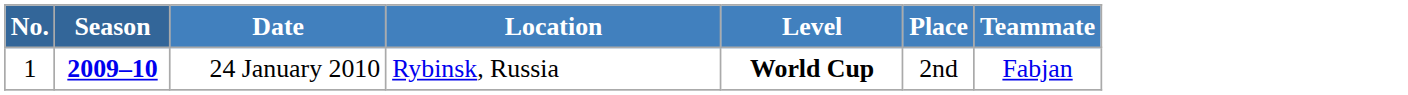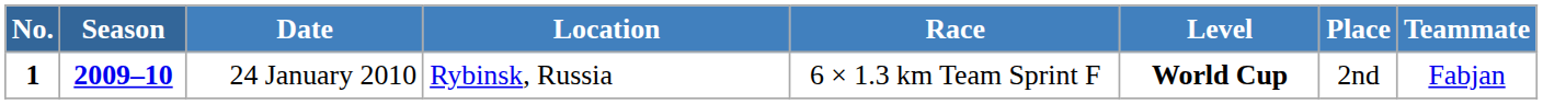 <table class="wikitable sortable" style="font-size:95%; text-align:center; border:grey solid 1px; border-collapse:collapse; background:#ffffff;">
 <tr style="background:#efefef;">
 <th style="background-color:#369; color:white;">No.</th>
 <th style="background-color:#369; color:white;">Season</th>
 <th style="background-color:#4180be; color:white; width:120px;">Date</th>
 <th style="background-color:#4180be; color:white; width:190px;">Location</th>
+<th style="background-color:#4180be; color:white; width:170px;">Race</th>
 <th style="background-color:#4180be; color:white; width:100px;">Level</th>
 <th style="background-color:#4180be; color:white;">Place</th>
 <th style="background-color:#4180be; color:white;">Teammate</th>
 </tr>
 <tr>
-<td align=center>1</td>
+<td align=center><strong>1</strong></td>
 <td rowspan=1 align=center><strong> <a href='#'>2009–10</a> </strong></td>
 <td align=right>24 January 2010</td>
 <td align=left> <a href='#'>Rybinsk</a>, Russia</td>
+<td>6 × 1.3 km Team Sprint F</td>
 <td><strong>World Cup</strong></td>
 <td>2nd</td>
 <td><a href='#'>Fabjan</a></td>
 </tr>
 </table>
